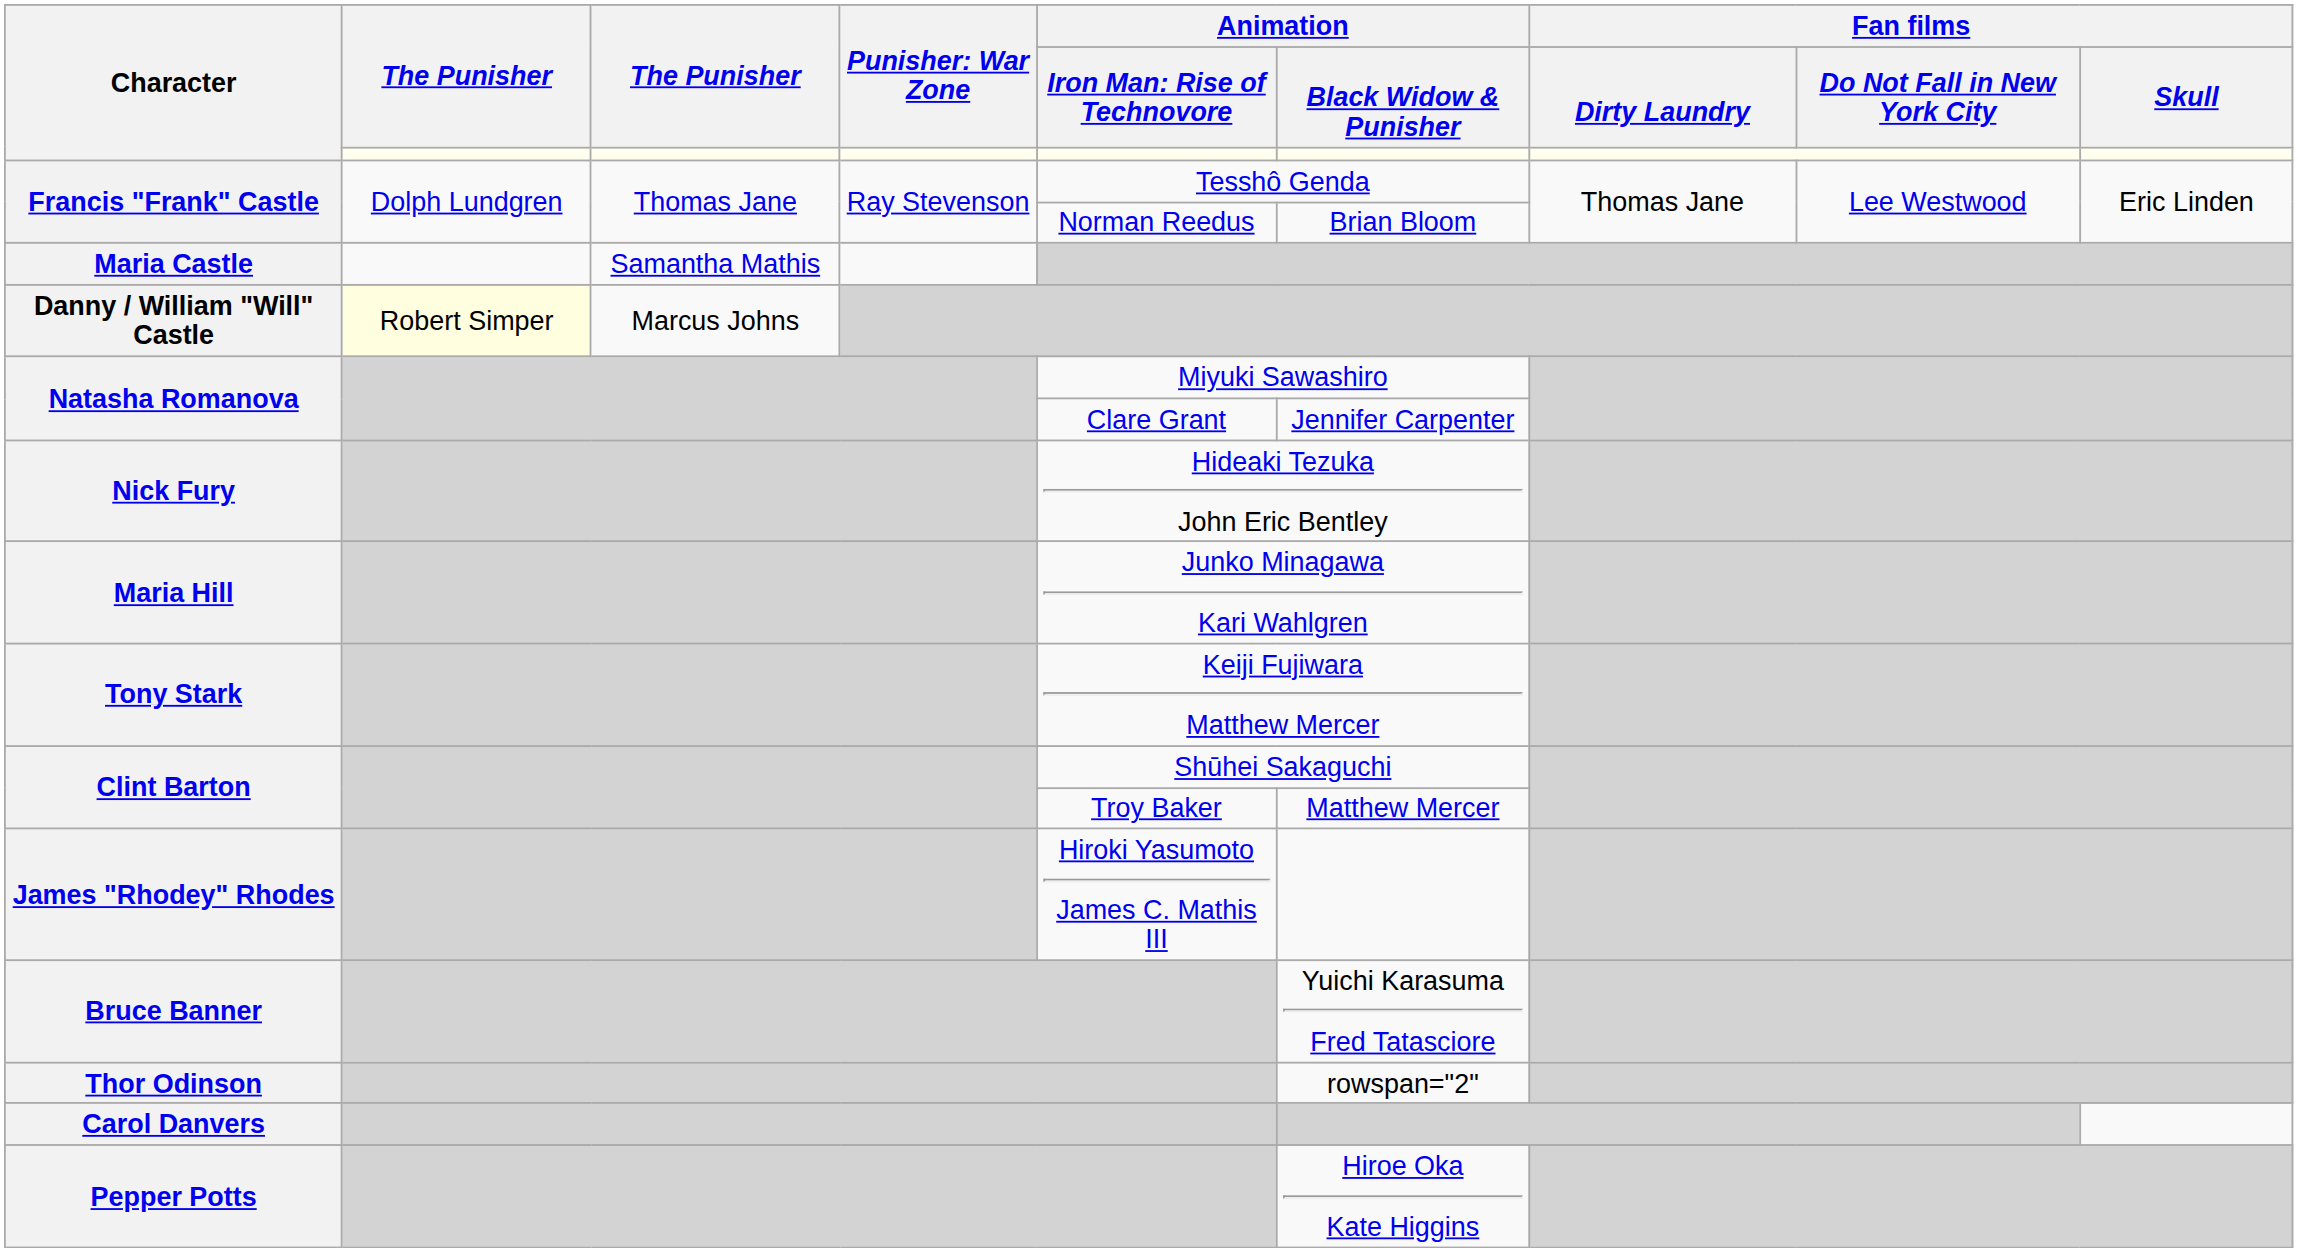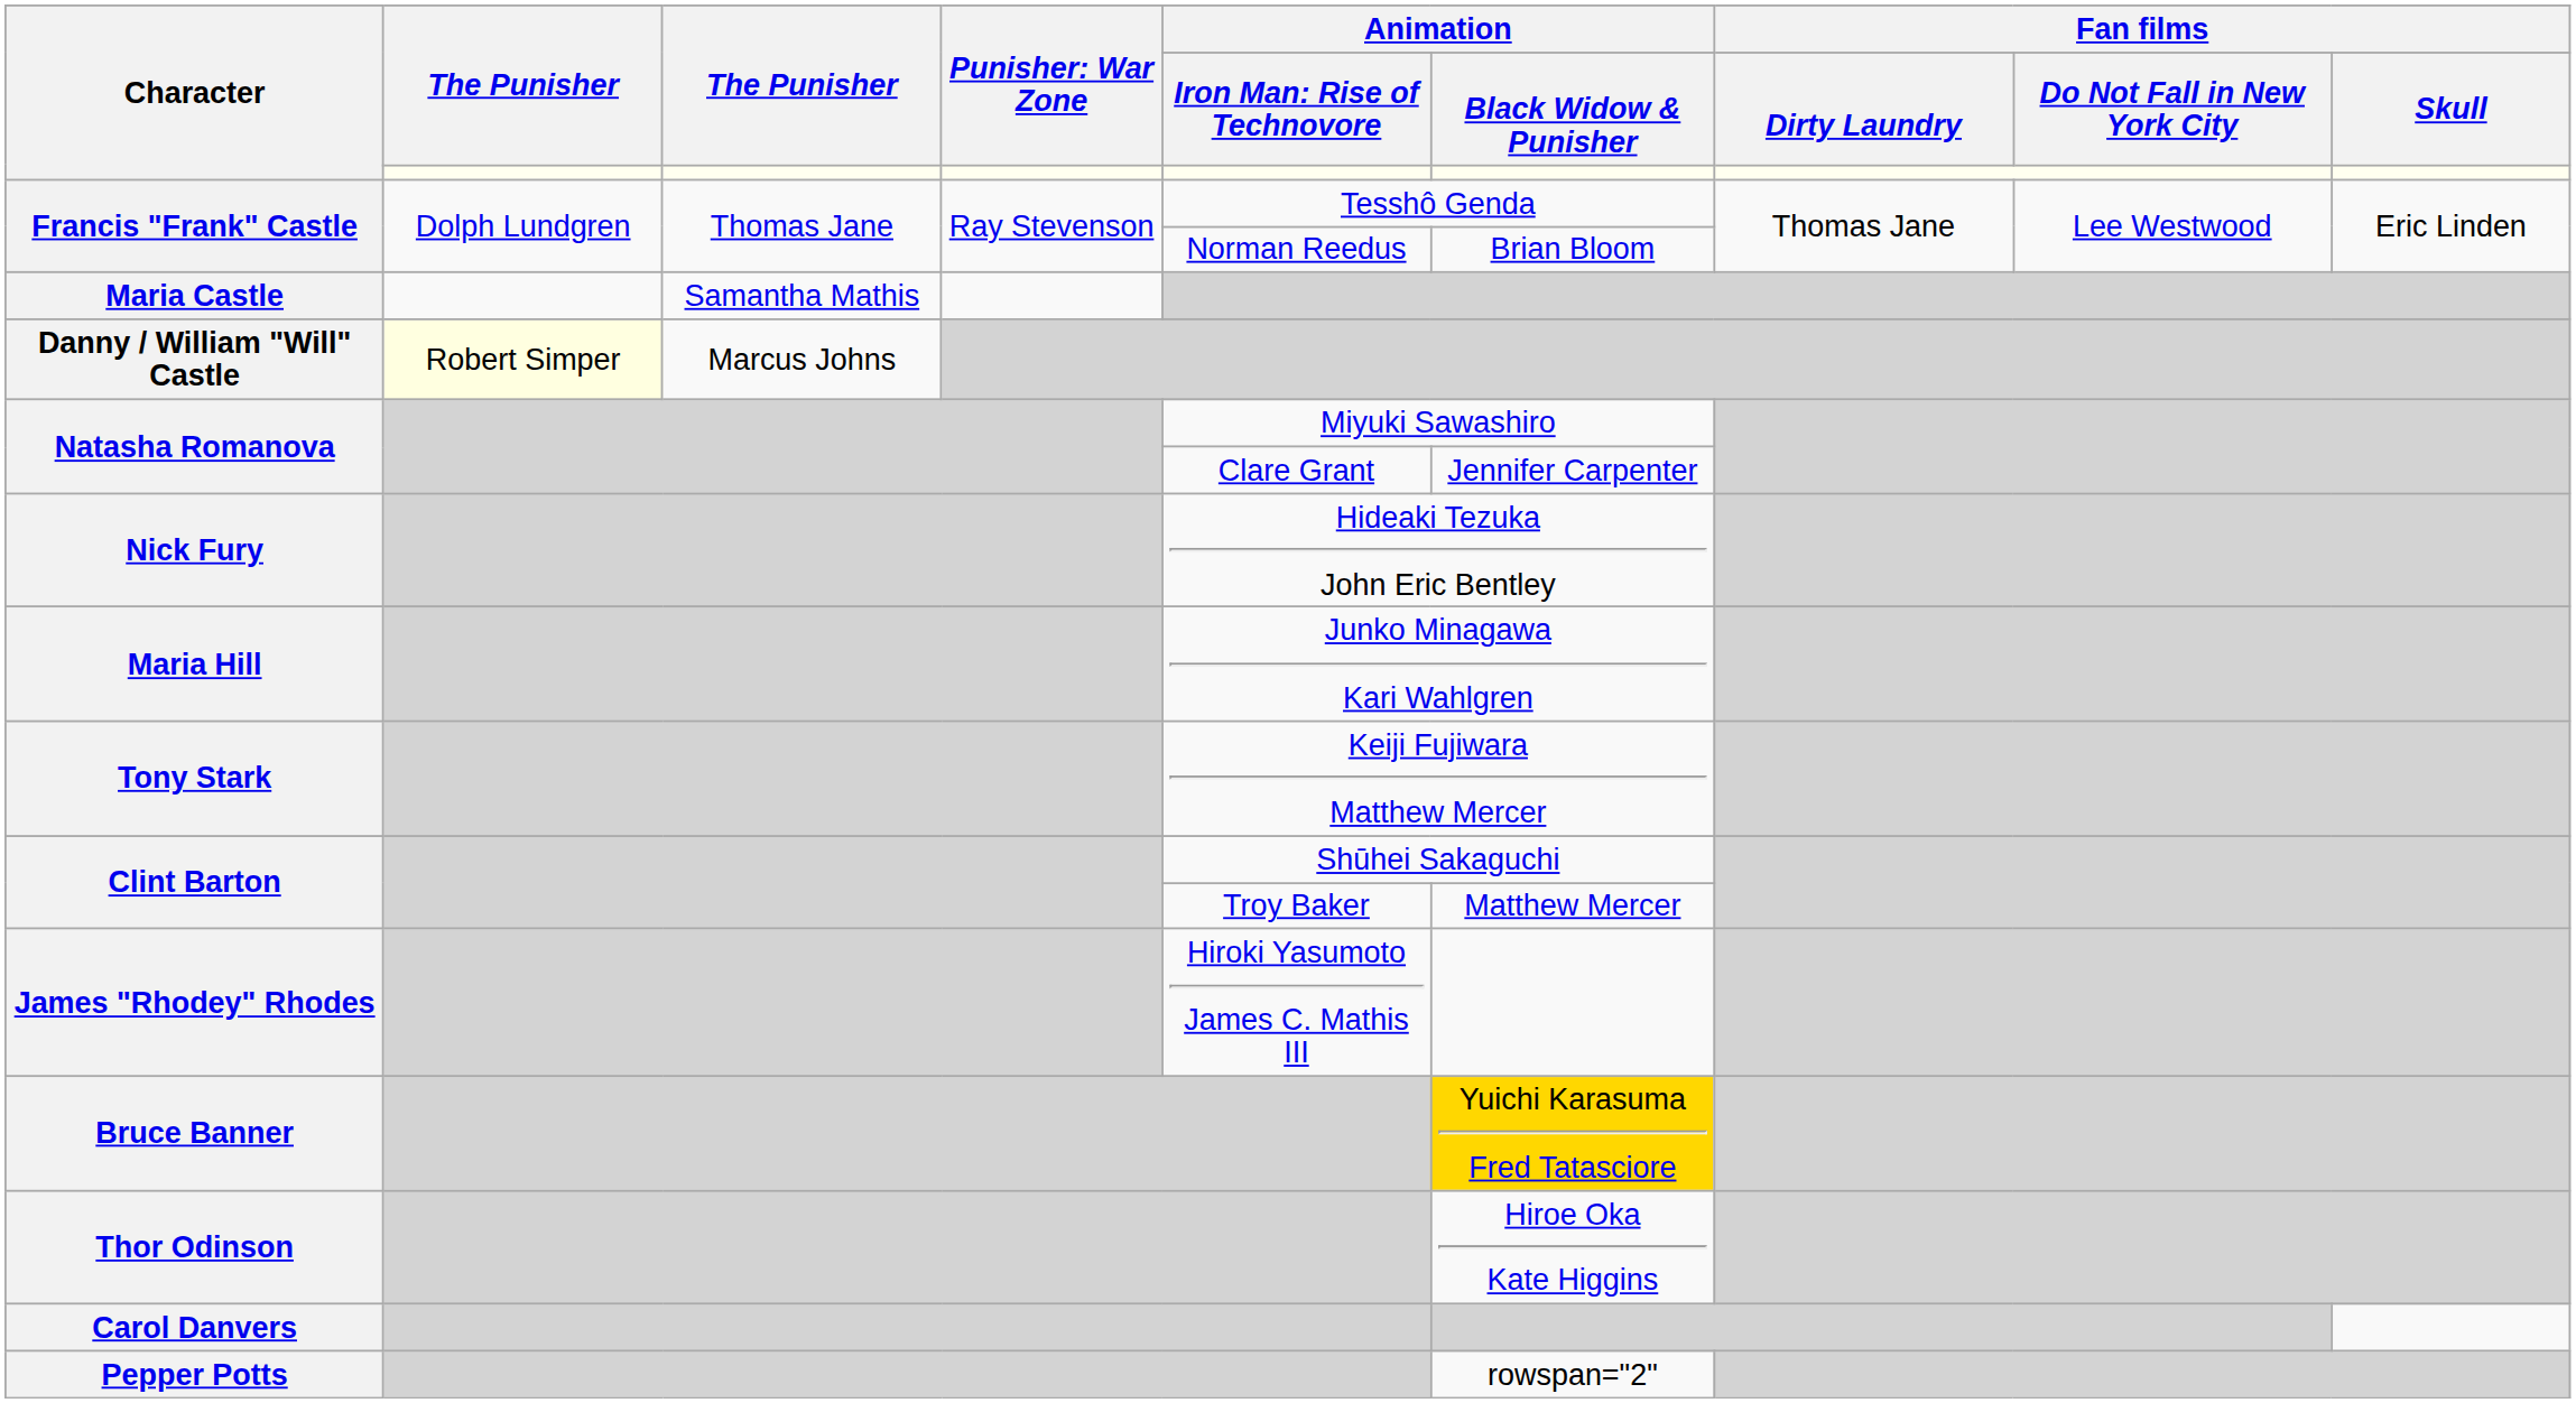 <table class="wikitable" style="text-align:center; width:99%; font-size:92%">
 <tr>
 <th rowspan="3" width="9.5%">Character</th>
 <th rowspan="2" align="center" width="7%"><a href='#'><em>The Punisher</em></a></th>
 <th rowspan="2" align="center" width="7%"><a href='#'><em>The Punisher</em></a></th>
 <th rowspan="2" align="center" width="4.5%"><em><a href='#'>Punisher: War Zone</a></em></th>
 <th colspan="2" style="text-align:center;"><a href='#'>Animation</a></th>
 <th colspan="3" style="text-align:center;"><a href='#'>Fan films</a></th>
 </tr>
 <tr>
 <th align="center" width="6%"><em><a href='#'>Iron Man: Rise of Technovore</a></em></th>
 <th align="center" width="7%"><a href='#'><em><br>Black Widow & Punisher</em></a></th>
 <th align="center" width="7.5%"><a href='#'><em><br>Dirty Laundry</em></a></th>
 <th align="center" width="8%"><em><a href='#'>Do Not Fall in New York City</a></em></th>
 <th align="center" width="6%"><a href='#'><em>Skull</em></a></th>
 </tr>
 <tr>
 <td style="background:ivory;"></td>
 <td style="background:ivory;"></td>
 <td style="background:ivory;"></td>
 <td style="background:ivory;"></td>
 <td style="background:ivory;"></td>
 <td colspan="2" style="background:ivory;"></td>
 <td style="background:ivory;"></td>
 </tr>
 <tr>
 <th rowspan="2"><a href='#'>Francis "Frank" Castle <br></a></th>
 <td rowspan="2"><a href='#'>Dolph Lundgren</a></td>
 <td rowspan="2"><a href='#'>Thomas Jane</a></td>
 <td rowspan="2"><a href='#'>Ray Stevenson</a></td>
 <td colspan="2"><a href='#'>Tesshô Genda</a></td>
 <td rowspan="2">Thomas Jane</td>
 <td rowspan="2"><a href='#'>Lee Westwood</a></td>
 <td rowspan="2">Eric Linden</td>
 </tr>
 <tr>
 <td><a href='#'>Norman Reedus</a></td>
 <td><a href='#'>Brian Bloom</a></td>
 </tr>
 <tr>
 <th><a href='#'>Maria Castle</a></th>
 <td></td>
 <td><a href='#'>Samantha Mathis</a></td>
 <td></td>
 <td colspan="5" style="background:lightgrey;"></td>
 </tr>
 <tr>
 <th>Danny / William "Will" Castle</th>
 <td style="background: lightyellow;">Robert Simper</td>
 <td>Marcus Johns</td>
 <td colspan="6" style="background:lightgrey;"></td>
 </tr>
 <tr>
 <th rowspan="2"><a href='#'>Natasha Romanova<br></a></th>
 <td rowspan="2" colspan="3" style="background:lightgrey;"></td>
 <td colspan="2"><a href='#'>Miyuki Sawashiro</a></td>
 <td rowspan="2" colspan="3" style="background:lightgrey;"></td>
 </tr>
 <tr>
 <td><a href='#'>Clare Grant</a></td>
 <td><a href='#'>Jennifer Carpenter</a></td>
 </tr>
 <tr>
 <th><a href='#'>Nick Fury</a></th>
 <td colspan="3" style="background:lightgrey;"></td>
 <td colspan="2"><a href='#'>Hideaki Tezuka</a><hr>John Eric Bentley</td>
 <td colspan="3" style="background:lightgrey;"></td>
 </tr>
 <tr>
 <th><a href='#'>Maria Hill</a></th>
 <td colspan="3" style="background:lightgrey;"></td>
 <td colspan="2"><a href='#'>Junko Minagawa</a><hr><a href='#'>Kari Wahlgren</a></td>
 <td colspan="3" style="background:lightgrey;"></td>
 </tr>
 <tr>
 <th><a href='#'>Tony Stark<br></a></th>
 <td colspan="3" style="background:lightgrey;"></td>
 <td colspan="2"><a href='#'>Keiji Fujiwara</a><hr><a href='#'>Matthew Mercer</a></td>
 <td colspan="3" style="background:lightgrey;"></td>
 </tr>
 <tr>
 <th rowspan="2"><a href='#'>Clint Barton<br></a></th>
 <td colspan="3" rowspan="2" style="background:lightgrey;"></td>
 <td colspan="2"><a href='#'>Shūhei Sakaguchi</a></td>
 <td rowspan="2" colspan="3" style="background:lightgrey;"></td>
 </tr>
 <tr>
 <td><a href='#'>Troy Baker</a></td>
 <td><a href='#'>Matthew Mercer</a></td>
 </tr>
 <tr>
 <th><a href='#'>James "Rhodey" Rhodes<br></a></th>
 <td colspan="3" style="background:lightgrey;"></td>
 <td><a href='#'>Hiroki Yasumoto</a><hr><a href='#'>James C. Mathis III</a></td>
 <td></td>
 <td colspan="3" style="background:lightgrey;"></td>
 </tr>
 <tr>
 <th><a href='#'>Bruce Banner<br></a></th>
 <td colspan="4" style="background:lightgrey;"></td>
-<td>Yuichi Karasuma<hr><a href='#'>Fred Tatasciore</a></td>
+<td style="background: gold;">Yuichi Karasuma<hr><a href='#'>Fred Tatasciore</a></td>
 <td colspan="3" style="background:lightgrey;"></td>
 </tr>
 <tr>
 <th><a href='#'>Thor Odinson</a></th>
 <td colspan="4" style="background:lightgrey;"></td>
-<td>rowspan="2" </td>
+<td><a href='#'>Hiroe Oka</a><hr><a href='#'>Kate Higgins</a></td>
 <td colspan="3" style="background:lightgrey;"></td>
 </tr>
 <tr>
 <th><a href='#'>Carol Danvers<br></a></th>
 <td colspan="4" style="background:lightgrey;"></td>
 <td colspan="3" style="background:lightgrey;"></td>
 </tr>
 <tr>
 <th><a href='#'>Pepper Potts</a></th>
 <td colspan="4" style="background:lightgrey;"></td>
-<td><a href='#'>Hiroe Oka</a><hr><a href='#'>Kate Higgins</a></td>
+<td>rowspan="2" </td>
 <td colspan="3" style="background:lightgrey;"></td>
 </tr>
 </table>
